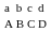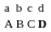 <table>
 <tr>
 <td>   </td>
 <td>a</td>
 <td>b</td>
 <td>c</td>
 <td>d</td>
 </tr>
 <tr>
 <td>   </td>
 <td>A</td>
 <td>B</td>
 <td>C</td>
-<td>D</td>
+<td><strong>D</strong></td>
 </tr>
 </table>
